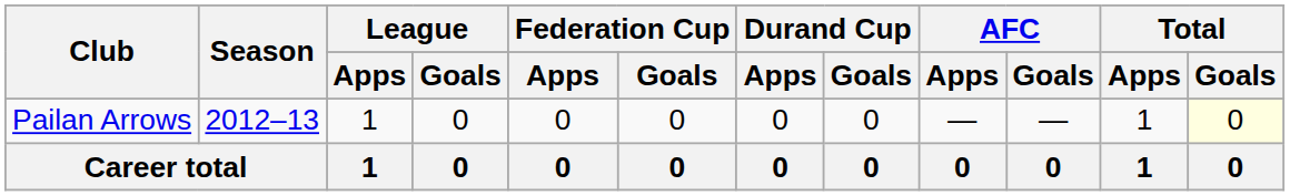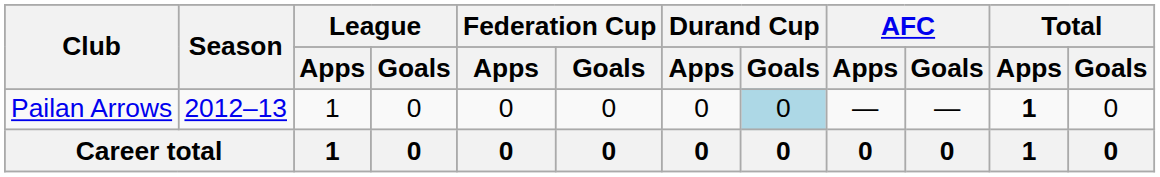 <table class="wikitable" style="font-size:90%; text-align:center;">
 <tr>
 <th rowspan="2">Club</th>
 <th rowspan="2">Season</th>
 <th colspan="2">League</th>
 <th colspan="2">Federation Cup</th>
 <th colspan="2">Durand Cup</th>
 <th colspan="2"><a href='#'>AFC</a></th>
 <th colspan="2">Total</th>
 </tr>
 <tr>
 <th>Apps</th>
 <th>Goals</th>
 <th>Apps</th>
 <th>Goals</th>
 <th>Apps</th>
 <th>Goals</th>
 <th>Apps</th>
 <th>Goals</th>
 <th>Apps</th>
 <th>Goals</th>
 </tr>
 <tr>
 <td rowspan="1"><a href='#'>Pailan Arrows</a></td>
 <td><a href='#'>2012–13</a></td>
 <td>1</td>
 <td>0</td>
 <td>0</td>
 <td>0</td>
 <td>0</td>
-<td>0</td>
+<td style="background: lightblue;">0</td>
 <td>—</td>
 <td>—</td>
-<td>1</td>
-<td style="background: lightyellow;">0</td>
+<td><strong>1</strong></td>
+<td>0</td>
 </tr>
 <tr>
 <th colspan="2">Career total</th>
 <th>1</th>
 <th>0</th>
 <th>0</th>
 <th>0</th>
 <th>0</th>
 <th>0</th>
 <th>0</th>
 <th>0</th>
 <th>1</th>
 <th>0</th>
 </tr>
 </table>
